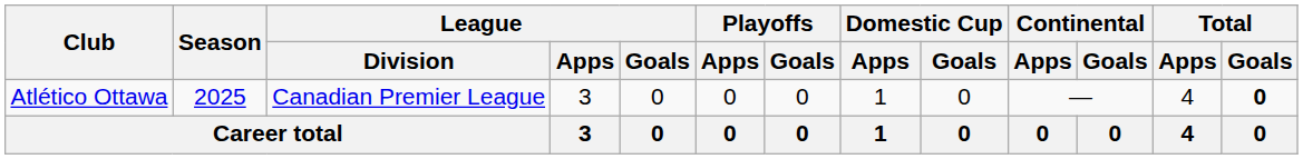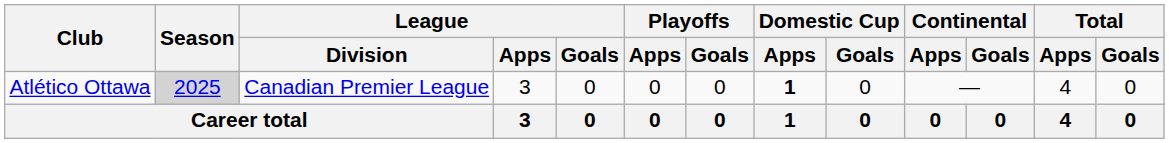 <table class="wikitable" style="text-align: center">
 <tr>
 <th rowspan="2">Club</th>
 <th rowspan="2">Season</th>
 <th colspan="3">League</th>
 <th colspan="2">Playoffs</th>
 <th colspan="2">Domestic Cup</th>
 <th colspan="2">Continental</th>
 <th colspan="2">Total</th>
 </tr>
 <tr>
 <th>Division</th>
 <th>Apps</th>
 <th>Goals</th>
 <th>Apps</th>
 <th>Goals</th>
 <th>Apps</th>
 <th>Goals</th>
 <th>Apps</th>
 <th>Goals</th>
 <th>Apps</th>
 <th>Goals</th>
 </tr>
 <tr>
 <td><a href='#'>Atlético Ottawa</a></td>
-<td><a href='#'>2025</a></td>
+<td style="background: lightgrey;"><a href='#'>2025</a></td>
 <td><a href='#'>Canadian Premier League</a></td>
 <td>3</td>
 <td>0</td>
 <td>0</td>
 <td>0</td>
-<td>1</td>
+<td><strong>1</strong></td>
 <td>0</td>
 <td colspan="2">—</td>
 <td>4</td>
-<td><strong>0</strong></td>
+<td>0</td>
 </tr>
 <tr>
 <th colspan="3"><strong>Career total</strong></th>
 <th>3</th>
 <th>0</th>
 <th>0</th>
 <th>0</th>
 <th>1</th>
 <th>0</th>
 <th>0</th>
 <th>0</th>
 <th>4</th>
 <th>0</th>
 </tr>
 </table>
